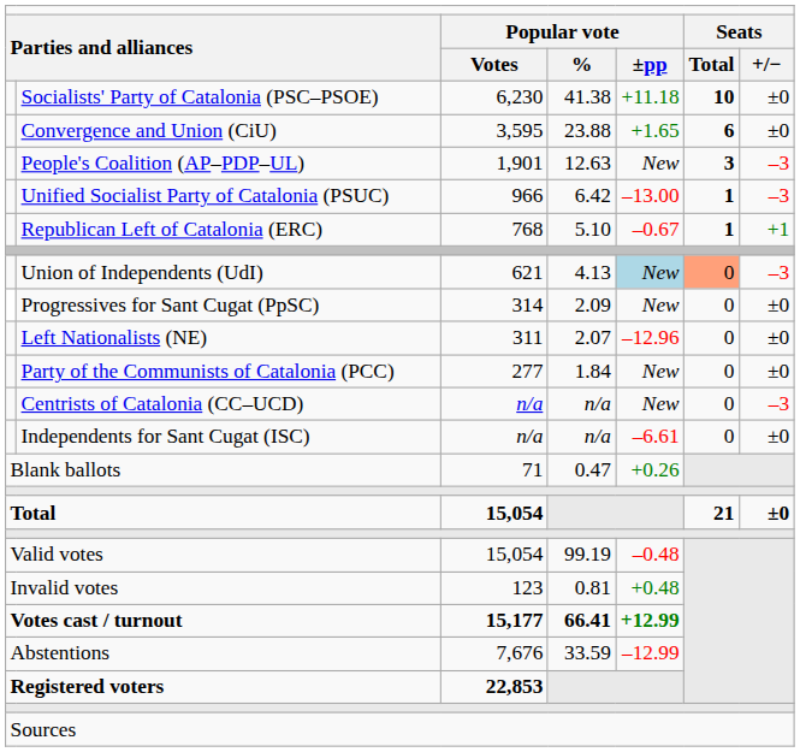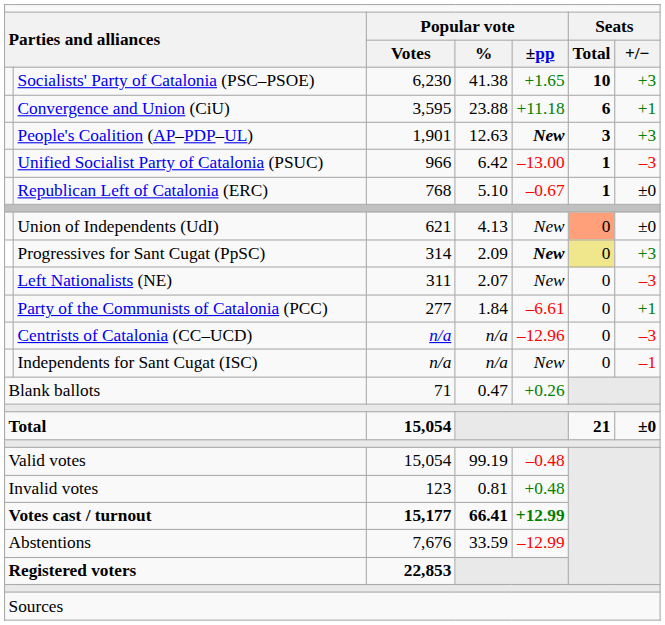 <table class="wikitable" style="text-align:right;">
 <tr>
 <td colspan="7"></td>
 </tr>
 <tr>
 <th style="text-align:left;" rowspan="2" colspan="2" width="525">Parties and alliances</th>
 <th colspan="3">Popular vote</th>
 <th colspan="2">Seats</th>
 </tr>
 <tr>
 <th width="75">Votes</th>
 <th width="45">%</th>
 <th width="45">±<a href='#'>pp</a></th>
 <th width="35">Total</th>
 <th width="35">+/−</th>
 </tr>
 <tr>
 <td width="1" style="color:inherit;background:"></td>
 <td align="left"><a href='#'>Socialists' Party of Catalonia</a> (PSC–PSOE)</td>
 <td>6,230</td>
 <td>41.38</td>
-<td style="color:green;">+11.18</td>
+<td style="color:green;">+1.65</td>
 <td><strong>10</strong></td>
-<td>±0</td>
+<td style="color:green;">+3</td>
 </tr>
 <tr>
 <td style="color:inherit;background:"></td>
 <td align="left"><a href='#'>Convergence and Union</a> (CiU)</td>
 <td>3,595</td>
 <td>23.88</td>
-<td style="color:green;">+1.65</td>
+<td style="color:green;">+11.18</td>
 <td><strong>6</strong></td>
-<td>±0</td>
+<td style="color:green;">+1</td>
 </tr>
 <tr>
 <td style="color:inherit;background:"></td>
 <td align="left"><a href='#'>People's Coalition</a> (<a href='#'>AP</a>–<a href='#'>PDP</a>–<a href='#'>UL</a>)</td>
 <td>1,901</td>
 <td>12.63</td>
-<td><em>New</em></td>
+<td><strong><em>New</em></strong></td>
 <td><strong>3</strong></td>
-<td style="color:red;">–3</td>
+<td style="color:green;">+3</td>
 </tr>
 <tr>
 <td style="color:inherit;background:"></td>
 <td align="left"><a href='#'>Unified Socialist Party of Catalonia</a> (PSUC)</td>
 <td>966</td>
 <td>6.42</td>
 <td style="color:red;">–13.00</td>
 <td><strong>1</strong></td>
 <td style="color:red;">–3</td>
 </tr>
 <tr>
 <td style="color:inherit;background:"></td>
 <td align="left"><a href='#'>Republican Left of Catalonia</a> (ERC)</td>
 <td>768</td>
 <td>5.10</td>
 <td style="color:red;">–0.67</td>
 <td><strong>1</strong></td>
-<td style="color:green;">+1</td>
+<td>±0</td>
 </tr>
 <tr>
 <td colspan="7" style="color:inherit;background:#C0C0C0"></td>
 </tr>
 <tr>
 <td style="color:inherit;background:"></td>
 <td align="left">Union of Independents (UdI)</td>
 <td>621</td>
 <td>4.13</td>
-<td style="background: lightblue;"><em>New</em></td>
+<td><em>New</em></td>
 <td style="background: lightsalmon;">0</td>
-<td style="color:red;">–3</td>
+<td>±0</td>
 </tr>
 <tr>
 <td bgcolor="white"></td>
 <td align="left">Progressives for Sant Cugat (PpSC)</td>
 <td>314</td>
 <td>2.09</td>
-<td><em>New</em></td>
-<td>0</td>
-<td>±0</td>
+<td><strong><em>New</em></strong></td>
+<td style="background: khaki;">0</td>
+<td style="color:green;">+3</td>
 </tr>
 <tr>
 <td style="color:inherit;background:"></td>
 <td align="left"><a href='#'>Left Nationalists</a> (NE)</td>
 <td>311</td>
 <td>2.07</td>
-<td style="color:red;">–12.96</td>
+<td><em>New</em></td>
 <td>0</td>
-<td>±0</td>
+<td style="color:red;">–3</td>
 </tr>
 <tr>
 <td style="color:inherit;background:"></td>
 <td align="left"><a href='#'>Party of the Communists of Catalonia</a> (PCC)</td>
 <td>277</td>
 <td>1.84</td>
-<td><em>New</em></td>
+<td style="color:red;">–6.61</td>
 <td>0</td>
-<td>±0</td>
+<td style="color:green;">+1</td>
 </tr>
 <tr>
 <td style="color:inherit;background:"></td>
 <td align="left"><a href='#'>Centrists of Catalonia</a> (CC–UCD)</td>
 <td><em><a href='#'>n/a</a></em></td>
 <td><em>n/a</em></td>
-<td><em>New</em></td>
+<td style="color:red;">–12.96</td>
 <td>0</td>
 <td style="color:red;">–3</td>
 </tr>
 <tr>
 <td style="color:inherit;background:"></td>
 <td align="left">Independents for Sant Cugat (ISC)</td>
 <td><em>n/a</em></td>
 <td><em>n/a</em></td>
-<td style="color:red;">–6.61</td>
+<td><em>New</em></td>
 <td>0</td>
-<td>±0</td>
+<td style="color:red;">–1</td>
 </tr>
 <tr>
 <td align="left" colspan="2">Blank ballots</td>
 <td>71</td>
 <td>0.47</td>
 <td style="color:green;">+0.26</td>
 <td style="color:inherit;background:#E9E9E9" colspan="2"></td>
 </tr>
 <tr>
 <td colspan="7" style="color:inherit;background:#E9E9E9"></td>
 </tr>
 <tr style="font-weight:bold;">
 <td align="left" colspan="2">Total</td>
 <td>15,054</td>
 <td bgcolor="#E9E9E9" colspan="2"></td>
 <td>21</td>
 <td>±0</td>
 </tr>
 <tr>
 <td colspan="7" style="color:inherit;background:#E9E9E9"></td>
 </tr>
 <tr>
 <td align="left" colspan="2">Valid votes</td>
 <td>15,054</td>
 <td>99.19</td>
 <td style="color:red;">–0.48</td>
 <td bgcolor="#E9E9E9" colspan="2" rowspan="5"></td>
 </tr>
 <tr>
 <td align="left" colspan="2">Invalid votes</td>
 <td>123</td>
 <td>0.81</td>
 <td style="color:green;">+0.48</td>
 </tr>
 <tr style="font-weight:bold;">
 <td align="left" colspan="2">Votes cast / turnout</td>
 <td>15,177</td>
 <td>66.41</td>
 <td style="color:green;">+12.99</td>
 </tr>
 <tr>
 <td align="left" colspan="2">Abstentions</td>
 <td>7,676</td>
 <td>33.59</td>
 <td style="color:red;">–12.99</td>
 </tr>
 <tr style="font-weight:bold;">
 <td align="left" colspan="2">Registered voters</td>
 <td>22,853</td>
 <td bgcolor="#E9E9E9" colspan="2"></td>
 </tr>
 <tr>
 <td colspan="7" style="color:inherit;background:#E9E9E9"></td>
 </tr>
 <tr>
 <td align="left" colspan="7">Sources</td>
 </tr>
 </table>
